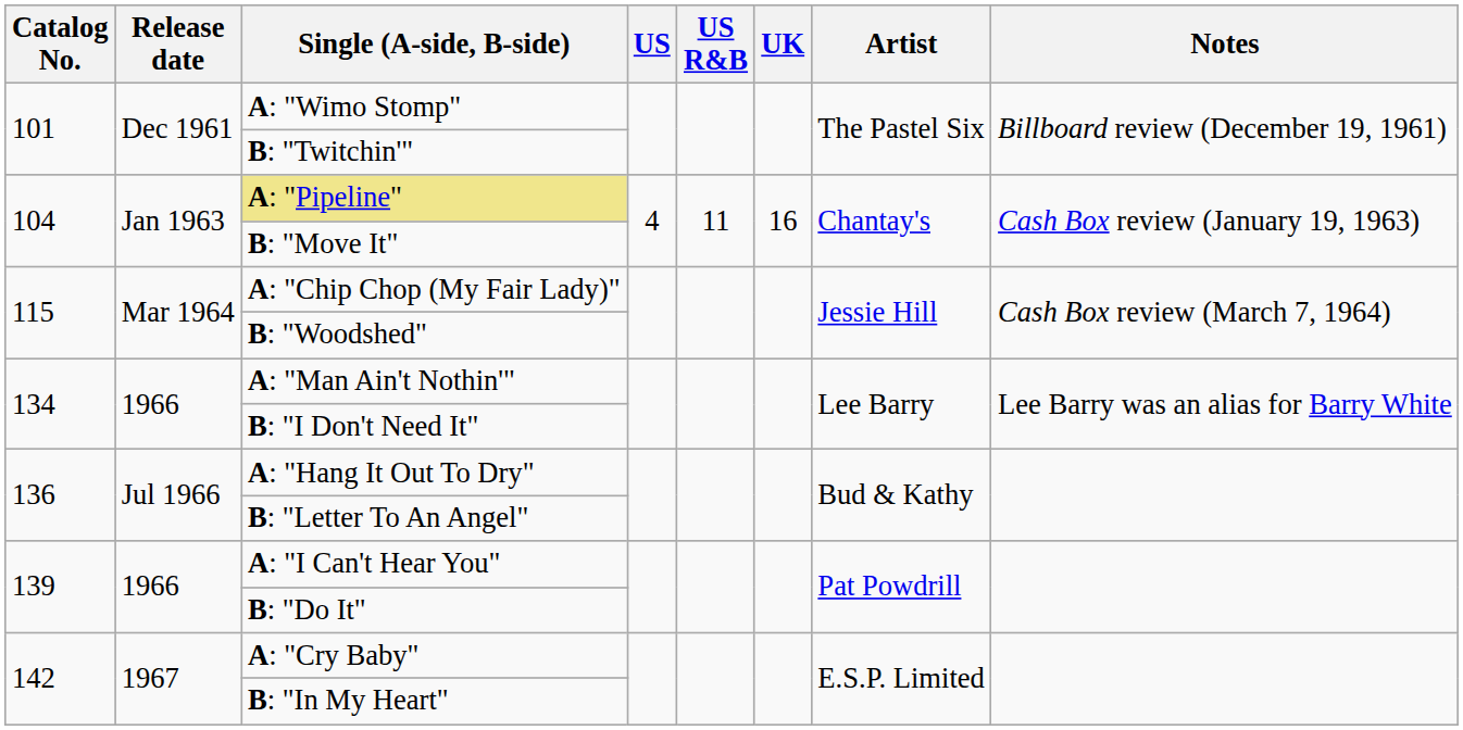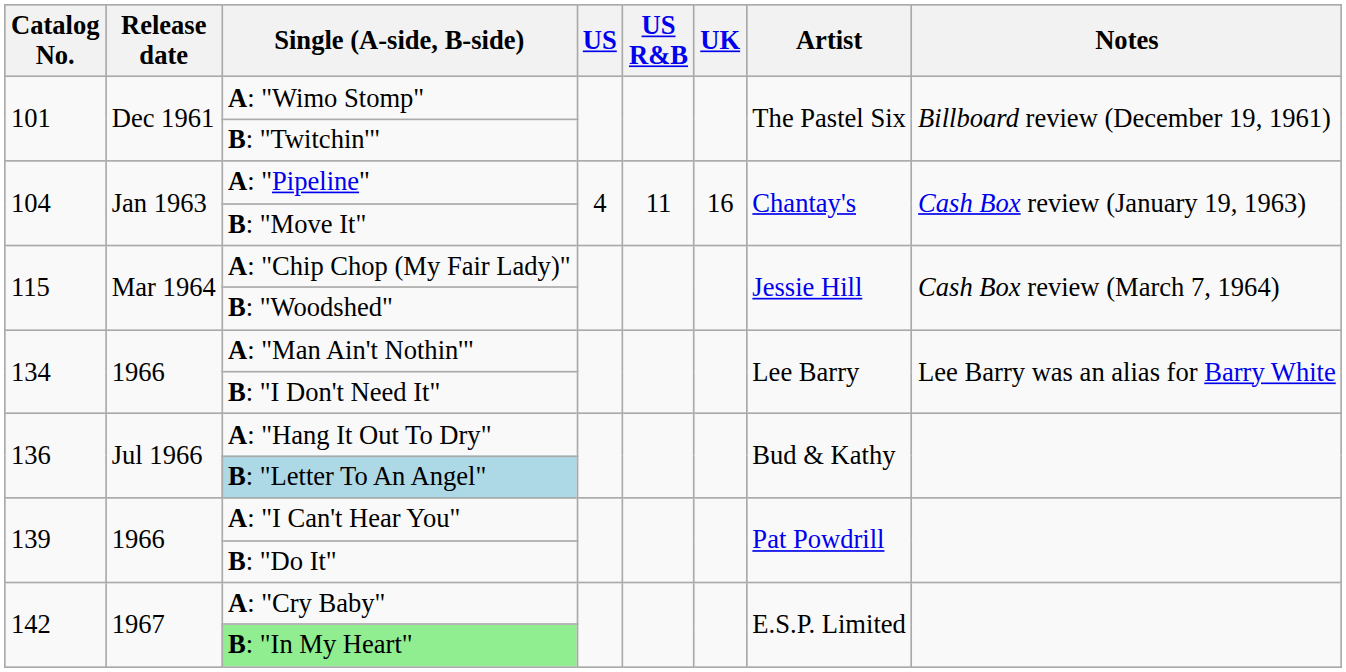 <table class="wikitable">
 <tr>
 <th>Catalog<br>No.</th>
 <th>Release<br>date</th>
 <th><strong>Single (A-side, B-side)</strong></th>
 <th><a href='#'>US</a></th>
 <th><a href='#'>US</a><br><a href='#'>R&B</a></th>
 <th><a href='#'>UK</a></th>
 <th>Artist</th>
 <th>Notes</th>
 </tr>
 <tr>
 <td rowspan="2">101</td>
 <td rowspan="2">Dec 1961</td>
 <td><strong>A</strong>: "Wimo Stomp"</td>
 <td rowspan="2"></td>
 <td rowspan="2"></td>
 <td rowspan="2"></td>
 <td rowspan="2">The Pastel Six</td>
 <td rowspan="2"><em>Billboard</em> review (December 19, 1961)</td>
 </tr>
 <tr>
 <td><strong>B</strong>: "Twitchin'"</td>
 </tr>
 <tr>
 <td rowspan="2">104</td>
 <td rowspan="2">Jan 1963</td>
-<td style="background: khaki;"><strong>A</strong>: "<a href='#'>Pipeline</a>"</td>
+<td><strong>A</strong>: "<a href='#'>Pipeline</a>"</td>
 <td rowspan="2" align="center">4</td>
 <td rowspan="2" align="center">11</td>
 <td rowspan="2" align="center">16</td>
 <td rowspan="2"><a href='#'>Chantay's</a></td>
 <td rowspan="2"><em><a href='#'>Cash Box</a></em> review (January 19, 1963)</td>
 </tr>
 <tr>
 <td><strong>B</strong>: "Move It"</td>
 </tr>
 <tr>
 <td rowspan="2">115</td>
 <td rowspan="2">Mar 1964</td>
 <td><strong>A</strong>: "Chip Chop (My Fair Lady)"</td>
 <td rowspan="2"></td>
 <td rowspan="2"></td>
 <td rowspan="2"></td>
 <td rowspan="2"><a href='#'>Jessie Hill</a></td>
 <td rowspan="2"><em>Cash Box</em> review (March 7, 1964)</td>
 </tr>
 <tr>
 <td><strong>B</strong>: "Woodshed"</td>
 </tr>
 <tr>
 <td rowspan="2">134</td>
 <td rowspan="2">1966</td>
 <td><strong>A</strong>: "Man Ain't Nothin'"</td>
 <td rowspan="2"></td>
 <td rowspan="2"></td>
 <td rowspan="2"></td>
 <td rowspan="2">Lee Barry</td>
 <td rowspan="2">Lee Barry was an alias for <a href='#'>Barry White</a></td>
 </tr>
 <tr>
 <td><strong>B</strong>: "I Don't Need It"</td>
 </tr>
 <tr>
 <td rowspan="2">136</td>
 <td rowspan="2">Jul 1966</td>
 <td><strong>A</strong>: "Hang It Out To Dry"</td>
 <td rowspan="2"></td>
 <td rowspan="2"></td>
 <td rowspan="2"></td>
 <td rowspan="2">Bud & Kathy</td>
 <td rowspan="2"></td>
 </tr>
 <tr>
-<td><strong>B</strong>: "Letter To An Angel"</td>
+<td style="background: lightblue;"><strong>B</strong>: "Letter To An Angel"</td>
 </tr>
 <tr>
 <td rowspan="2">139</td>
 <td rowspan="2">1966</td>
 <td><strong>A</strong>: "I Can't Hear You"</td>
 <td rowspan="2"></td>
 <td rowspan="2"></td>
 <td rowspan="2"></td>
 <td rowspan="2"><a href='#'>Pat Powdrill</a></td>
 <td rowspan="2"></td>
 </tr>
 <tr>
 <td><strong>B</strong>: "Do It"</td>
 </tr>
 <tr>
 <td rowspan="2">142</td>
 <td rowspan="2">1967</td>
 <td><strong>A</strong>: "Cry Baby"</td>
 <td rowspan="2"></td>
 <td rowspan="2"></td>
 <td rowspan="2"></td>
 <td rowspan="2">E.S.P. Limited</td>
 <td rowspan="2"></td>
 </tr>
 <tr>
-<td><strong>B</strong>: "In My Heart"</td>
+<td style="background: lightgreen;"><strong>B</strong>: "In My Heart"</td>
 </tr>
 </table>
